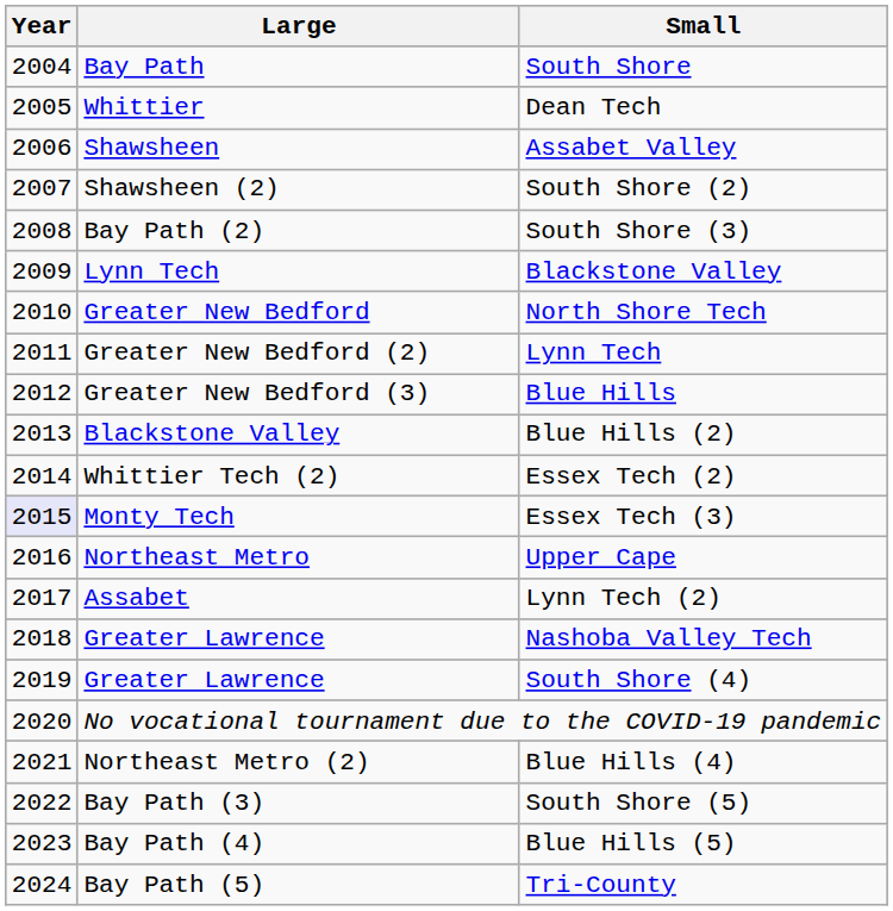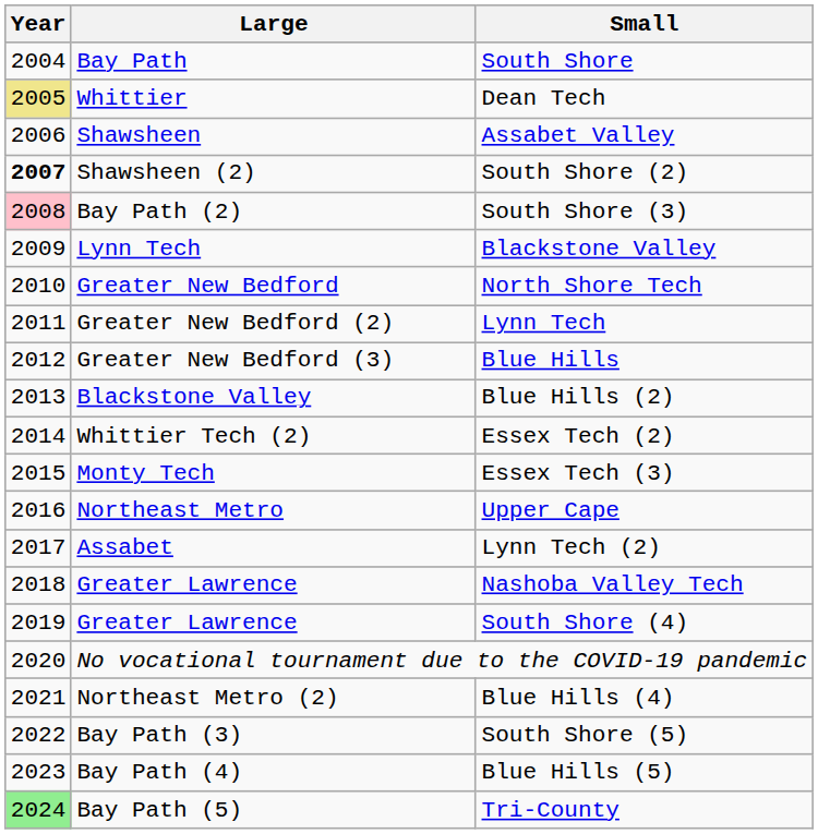 <table class="wikitable">
 <tr>
 <th>Year</th>
 <th>Large</th>
 <th>Small</th>
 </tr>
 <tr>
 <td>2004</td>
 <td><a href='#'>Bay Path</a></td>
 <td><a href='#'>South Shore</a></td>
 </tr>
 <tr>
-<td>2005</td>
+<td style="background: khaki;">2005</td>
 <td><a href='#'>Whittier</a></td>
 <td>Dean Tech</td>
 </tr>
 <tr>
 <td>2006</td>
 <td><a href='#'>Shawsheen</a></td>
 <td><a href='#'>Assabet Valley</a></td>
 </tr>
 <tr>
-<td>2007</td>
+<td><strong>2007</strong></td>
 <td>Shawsheen (2)</td>
 <td>South Shore (2)</td>
 </tr>
 <tr>
-<td>2008</td>
+<td style="background: pink;">2008</td>
 <td>Bay Path (2)</td>
 <td>South Shore (3)</td>
 </tr>
 <tr>
 <td>2009</td>
 <td><a href='#'>Lynn Tech</a></td>
 <td><a href='#'>Blackstone Valley</a></td>
 </tr>
 <tr>
 <td>2010</td>
 <td><a href='#'>Greater New Bedford</a></td>
 <td><a href='#'>North Shore Tech</a></td>
 </tr>
 <tr>
 <td>2011</td>
 <td>Greater New Bedford (2)</td>
 <td><a href='#'>Lynn Tech</a></td>
 </tr>
 <tr>
 <td>2012</td>
 <td>Greater New Bedford (3)</td>
 <td><a href='#'>Blue Hills</a></td>
 </tr>
 <tr>
 <td>2013</td>
 <td><a href='#'>Blackstone Valley</a></td>
 <td>Blue Hills (2)</td>
 </tr>
 <tr>
 <td>2014</td>
 <td>Whittier Tech (2)</td>
 <td>Essex Tech (2)</td>
 </tr>
 <tr>
-<td style="background: lavender;">2015</td>
+<td>2015</td>
 <td><a href='#'>Monty Tech</a></td>
 <td>Essex Tech (3)</td>
 </tr>
 <tr>
 <td>2016</td>
 <td><a href='#'>Northeast Metro</a></td>
 <td><a href='#'>Upper Cape</a></td>
 </tr>
 <tr>
 <td>2017</td>
 <td><a href='#'>Assabet</a></td>
 <td>Lynn Tech (2)</td>
 </tr>
 <tr>
 <td>2018</td>
 <td><a href='#'>Greater Lawrence</a></td>
 <td><a href='#'>Nashoba Valley Tech</a></td>
 </tr>
 <tr>
 <td>2019</td>
 <td><a href='#'>Greater Lawrence</a></td>
 <td><a href='#'>South Shore</a> (4)</td>
 </tr>
 <tr>
 <td>2020</td>
 <td colspan=2><em>No vocational tournament due to the COVID-19 pandemic</em></td>
 </tr>
 <tr>
 <td>2021</td>
 <td>Northeast Metro (2)</td>
 <td>Blue Hills (4)</td>
 </tr>
 <tr>
 <td>2022</td>
 <td>Bay Path (3)</td>
 <td>South Shore (5)</td>
 </tr>
 <tr>
 <td>2023</td>
 <td>Bay Path (4)</td>
 <td>Blue Hills (5)</td>
 </tr>
 <tr>
-<td>2024</td>
+<td style="background: lightgreen;">2024</td>
 <td>Bay Path (5)</td>
 <td><a href='#'>Tri-County</a></td>
 </tr>
 </table>
